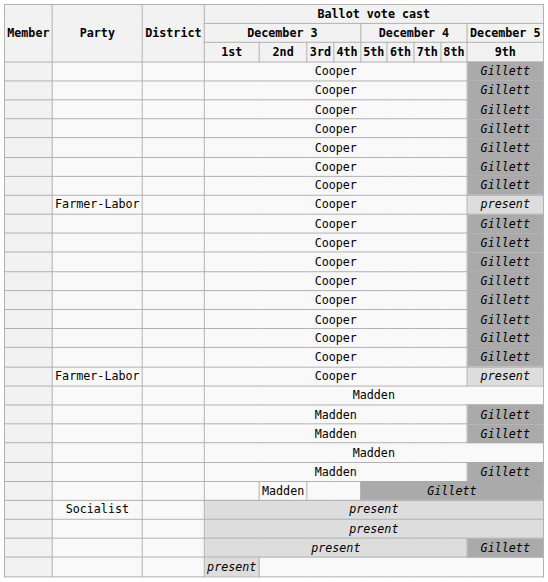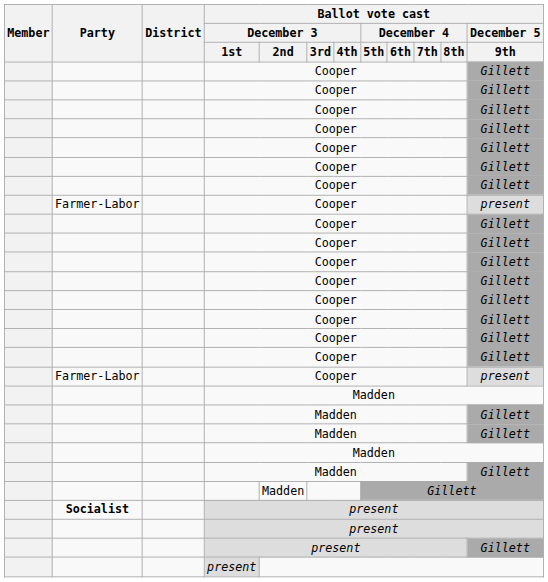 <table class="wikitable sortable plainrowheaders" style="text-align:center">
 <tr>
 <th scope="col" rowspan="3">Member</th>
 <th scope="col" rowspan="3">Party</th>
 <th scope="col" rowspan="3">District</th>
 <th colspan="11" scope="col">Ballot vote cast</th>
 </tr>
 <tr>
 <th scope="col" colspan="4">December 3</th>
 <th scope="col" colspan="4">December 4</th>
 <th>December 5</th>
 </tr>
 <tr>
 <th scope="col">1st</th>
 <th scope="col">2nd</th>
 <th scope="col">3rd</th>
 <th scope="col">4th</th>
 <th scope="col">5th</th>
 <th scope="col">6th</th>
 <th scope="col">7th</th>
 <th scope="col">8th</th>
 <th scope="col">9th</th>
 </tr>
 <tr>
 <th scope="row"></th>
 <td></td>
 <td></td>
 <td colspan="8">Cooper</td>
 <td style="background:#aaa"><em>Gillett</em></td>
 </tr>
 <tr>
 <th scope="row"></th>
 <td></td>
 <td></td>
 <td colspan="8">Cooper</td>
 <td style="background:#aaa"><em>Gillett</em></td>
 </tr>
 <tr>
 <th scope="row"></th>
 <td></td>
 <td></td>
 <td colspan="8">Cooper</td>
 <td style="background:#aaa"><em>Gillett</em></td>
 </tr>
 <tr>
 <th scope="row"></th>
 <td></td>
 <td></td>
 <td colspan="8">Cooper</td>
 <td style="background:#aaa"><em>Gillett</em></td>
 </tr>
 <tr>
 <th scope="row"></th>
 <td></td>
 <td></td>
 <td colspan="8">Cooper</td>
 <td style="background:#aaa"><em>Gillett</em></td>
 </tr>
 <tr>
 <th scope="row"></th>
 <td></td>
 <td></td>
 <td colspan="8">Cooper</td>
 <td style="background:#aaa"><em>Gillett</em></td>
 </tr>
 <tr>
 <th scope="row"></th>
 <td></td>
 <td></td>
 <td colspan="8">Cooper</td>
 <td style="background:#aaa"><em>Gillett</em></td>
 </tr>
 <tr>
 <th scope="row"></th>
 <td>Farmer-Labor</td>
 <td></td>
 <td colspan="8">Cooper</td>
 <td style="background:#DDD"><em>present</em></td>
 </tr>
 <tr>
 <th scope="row"></th>
 <td></td>
 <td></td>
 <td colspan="8">Cooper</td>
 <td style="background:#aaa"><em>Gillett</em></td>
 </tr>
 <tr>
 <th scope="row"></th>
 <td></td>
 <td></td>
 <td colspan="8">Cooper</td>
 <td style="background:#aaa"><em>Gillett</em></td>
 </tr>
 <tr>
 <th scope="row"></th>
 <td></td>
 <td></td>
 <td colspan="8">Cooper</td>
 <td style="background:#aaa"><em>Gillett</em></td>
 </tr>
 <tr>
 <th scope="row"></th>
 <td></td>
 <td></td>
 <td colspan="8">Cooper</td>
 <td style="background:#aaa"><em>Gillett</em></td>
 </tr>
 <tr>
 <th scope="row"></th>
 <td></td>
 <td></td>
 <td colspan="8">Cooper</td>
 <td style="background:#aaa"><em>Gillett</em></td>
 </tr>
 <tr>
 <th scope="row"></th>
 <td></td>
 <td></td>
 <td colspan="8">Cooper</td>
 <td style="background:#aaa"><em>Gillett</em></td>
 </tr>
 <tr>
 <th scope="row"></th>
 <td></td>
 <td></td>
 <td colspan="8">Cooper</td>
 <td style="background:#aaa"><em>Gillett</em></td>
 </tr>
 <tr>
 <th scope="row"></th>
 <td></td>
 <td></td>
 <td colspan="8">Cooper</td>
 <td style="background:#aaa"><em>Gillett</em></td>
 </tr>
 <tr>
 <th scope="row"></th>
 <td>Farmer-Labor</td>
 <td></td>
 <td colspan="8">Cooper</td>
 <td style="background:#DDD"><em>present</em></td>
 </tr>
 <tr>
 <th scope="row"></th>
 <td></td>
 <td></td>
 <td colspan="9">Madden</td>
 </tr>
 <tr>
 <th scope="row"></th>
 <td></td>
 <td></td>
 <td colspan="8">Madden</td>
 <td style="background:#aaa"><em>Gillett</em></td>
 </tr>
 <tr>
 <th scope="row"></th>
 <td></td>
 <td></td>
 <td colspan="8">Madden</td>
 <td style="background:#aaa"><em>Gillett</em></td>
 </tr>
 <tr>
 <th scope="row"></th>
 <td></td>
 <td></td>
 <td colspan="9">Madden</td>
 </tr>
 <tr>
 <th scope="row"></th>
 <td></td>
 <td></td>
 <td colspan="8">Madden</td>
 <td style="background:#aaa"><em>Gillett</em></td>
 </tr>
 <tr>
 <th scope="row"></th>
 <td></td>
 <td></td>
 <td></td>
 <td>Madden</td>
 <td colspan="2"></td>
 <td colspan="5" style="background:#aaa"><em>Gillett</em></td>
 </tr>
 <tr>
 <th scope="row"></th>
-<td>Socialist</td>
+<td><strong>Socialist</strong></td>
 <td></td>
 <td colspan="9" style="background:#DDD"><em>present</em></td>
 </tr>
 <tr>
 <th scope="row"></th>
 <td></td>
 <td></td>
 <td colspan="9" style="background:#DDD"><em>present</em></td>
 </tr>
 <tr>
 <th scope="row"></th>
 <td></td>
 <td></td>
 <td colspan="8" style="background:#DDD"><em>present</em></td>
 <td style="background:#aaa"><em>Gillett</em></td>
 </tr>
 <tr>
 <th scope="row"></th>
 <td></td>
 <td></td>
 <td style="background:#DDD"><em>present</em></td>
 <td colspan="8"></td>
 </tr>
 </table>
